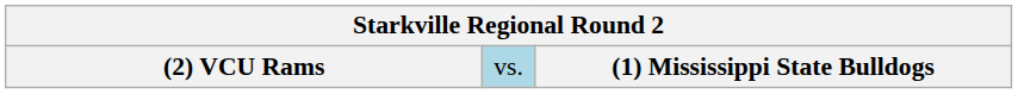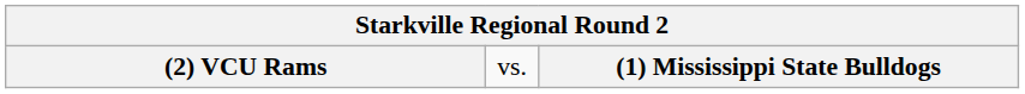 <table class="wikitable">
 <tr>
 <th style="width: 604px;" colspan=3>Starkville Regional Round 2</th>
 </tr>
 <tr>
 <th style="width: 289px; ">(2) VCU Rams</th>
-<td style="background: lightblue; width: 25px; text-align:center">vs.</td>
+<td style="width: 25px; text-align:center">vs.</td>
 <th style="width: 289px; ">(1) Mississippi State Bulldogs</th>
 </tr>
 </table>
